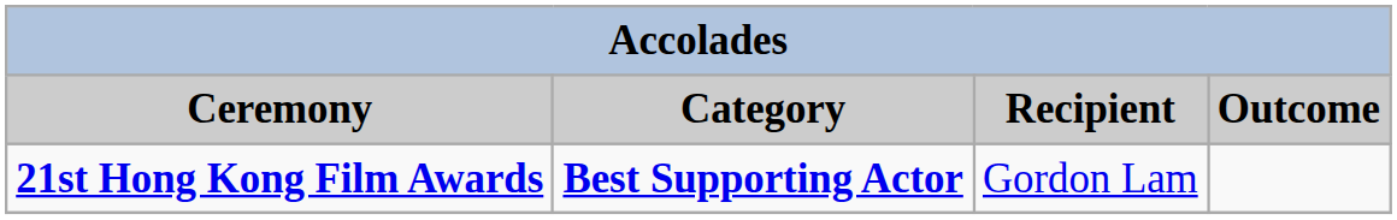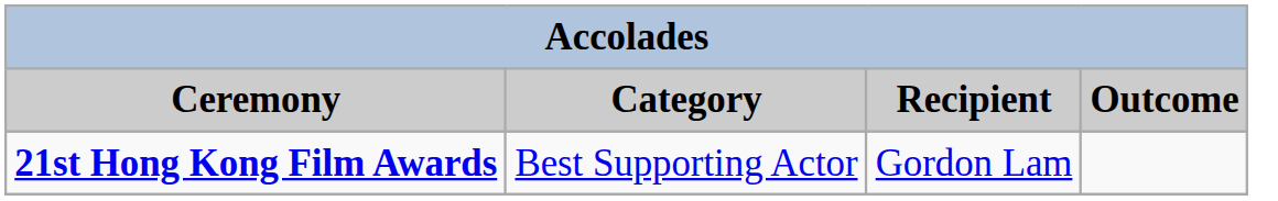 <table class="wikitable" style="font-size:95%;" ;>
 <tr style="background:#ccc; text-align:center;">
 <th colspan="4" style="background: LightSteelBlue;">Accolades</th>
 </tr>
 <tr style="background:#ccc; text-align:center;">
 <th style="background:#ccc">Ceremony</th>
 <th style="background:#ccc">Category</th>
 <th style="background:#ccc">Recipient</th>
 <th style="background:#ccc">Outcome</th>
 </tr>
 <tr>
 <td><strong><a href='#'>21st Hong Kong Film Awards</a></strong></td>
-<td><strong><a href='#'>Best Supporting Actor</a></strong></td>
+<td><a href='#'>Best Supporting Actor</a></td>
 <td><a href='#'>Gordon Lam</a></td>
 <td></td>
 </tr>
 <tr>
 </tr>
 </table>
